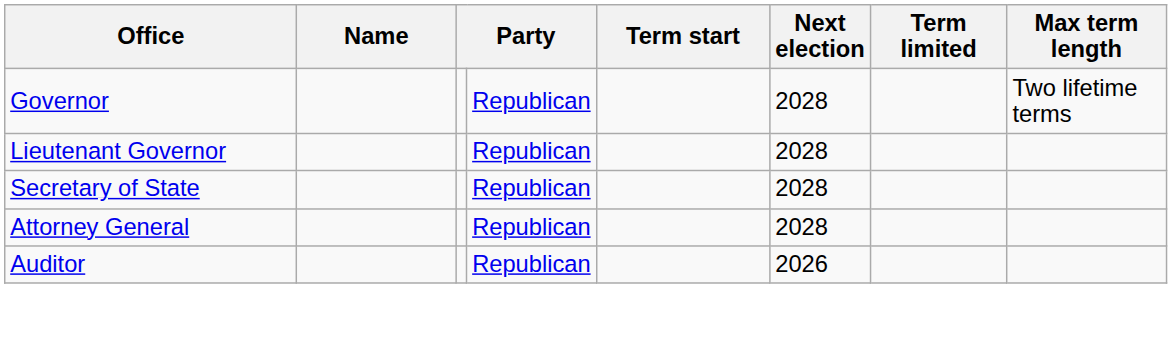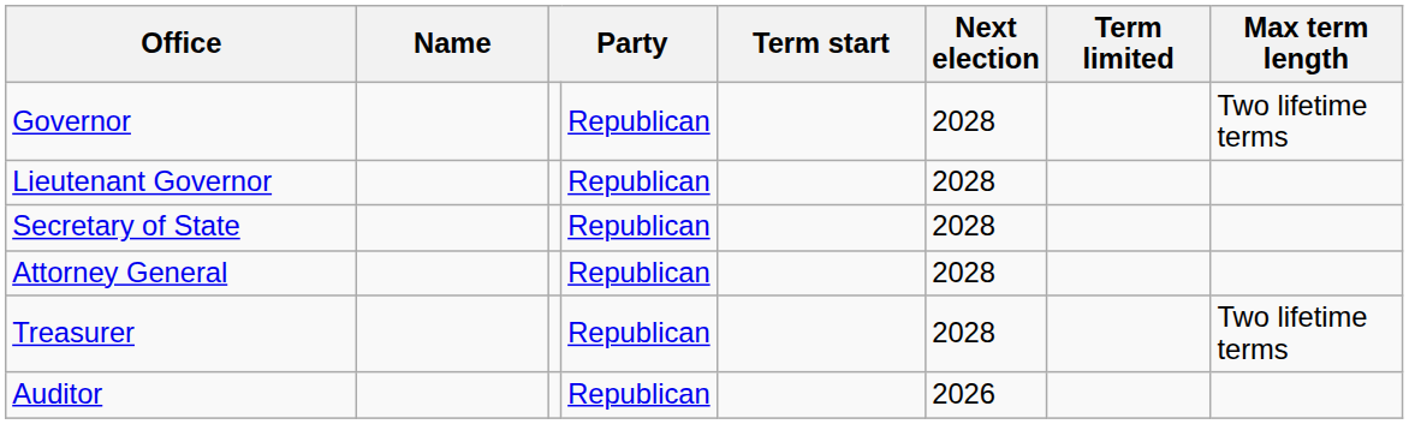 <table class="sortable wikitable">
 <tr>
 <th scope="col" width=190>Office</th>
 <th scope="col" width=100>Name</th>
 <th scope="col" width=75 colspan=2>Party</th>
 <th scope="col" width=110>Term start</th>
 <th scope="col" width=50>Next election</th>
 <th scope="col" width=85>Term limited</th>
 <th scope="col" width=100>Max term length</th>
 </tr>
 <tr>
 <td><a href='#'>Governor</a></td>
 <td></td>
 <td style="background-color:"></td>
 <td><a href='#'>Republican</a></td>
 <td></td>
 <td>2028</td>
 <td></td>
 <td>Two lifetime terms</td>
 </tr>
 <tr>
 <td><a href='#'>Lieutenant Governor</a></td>
 <td></td>
 <td style="background-color:"></td>
 <td><a href='#'>Republican</a></td>
 <td></td>
 <td>2028</td>
 <td></td>
 <td></td>
 </tr>
 <tr>
 <td><a href='#'>Secretary of State</a></td>
 <td></td>
 <td style="background-color:"></td>
 <td><a href='#'>Republican</a></td>
 <td></td>
 <td>2028</td>
 <td></td>
 <td></td>
 </tr>
 <tr>
 <td><a href='#'>Attorney General</a></td>
 <td></td>
 <td style="background-color:"></td>
 <td><a href='#'>Republican</a></td>
 <td></td>
 <td>2028</td>
 <td></td>
 <td></td>
 </tr>
 <tr>
+<td><a href='#'>Treasurer</a></td>
+<td></td>
+<td style="background-color:"></td>
+<td><a href='#'>Republican</a></td>
+<td></td>
+<td>2028</td>
+<td></td>
+<td>Two lifetime terms</td>
+</tr>
+<tr>
 <td><a href='#'>Auditor</a></td>
 <td></td>
 <td style="background-color:"></td>
 <td><a href='#'>Republican</a></td>
 <td></td>
 <td>2026</td>
 <td></td>
 <td></td>
 </tr>
 </table>
